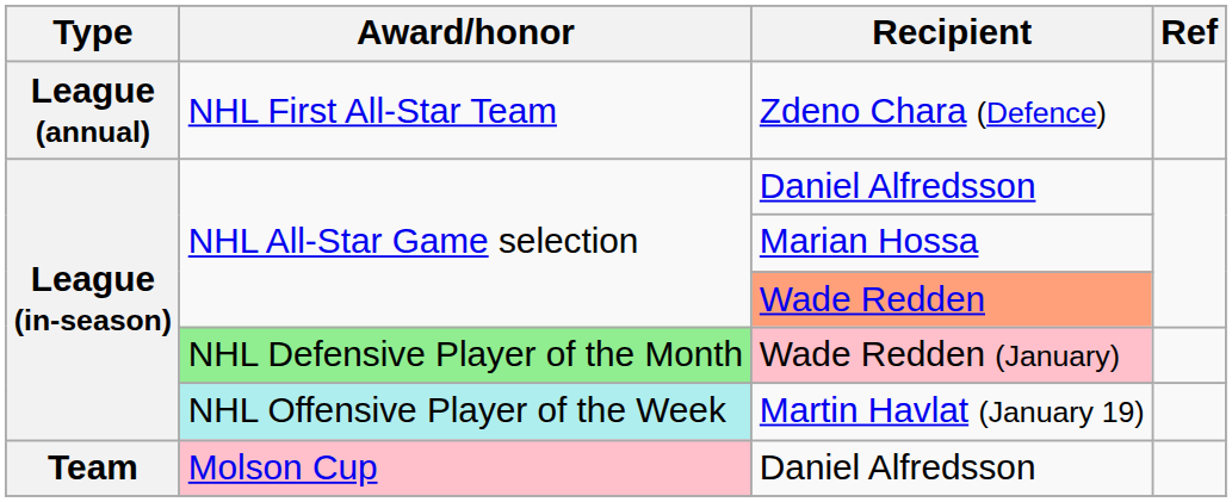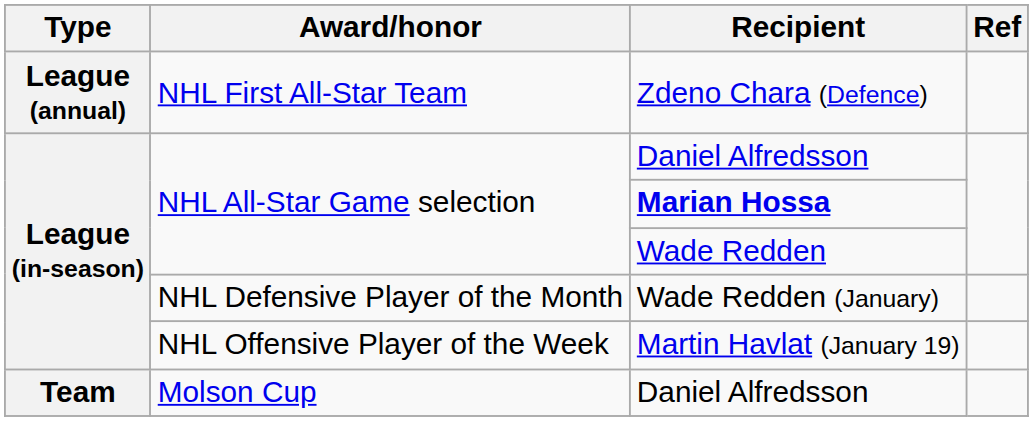 <table class="wikitable">
 <tr>
 <th scope="col">Type</th>
 <th scope="col">Award/honor</th>
 <th scope="col">Recipient</th>
 <th scope="col">Ref</th>
 </tr>
 <tr>
 <th scope="row">League<br><small>(annual)</small></th>
 <td><a href='#'>NHL First All-Star Team</a></td>
 <td><a href='#'>Zdeno Chara</a> <small>(<a href='#'>Defence</a>)</small></td>
 <td></td>
 </tr>
 <tr>
 <th scope="row" rowspan="5">League<br><small>(in-season)</small></th>
 <td rowspan="3"><a href='#'>NHL All-Star Game</a> selection</td>
 <td><a href='#'>Daniel Alfredsson</a></td>
 <td rowspan="3"></td>
 </tr>
 <tr>
-<td><a href='#'>Marian Hossa</a></td>
+<td><strong><a href='#'>Marian Hossa</a></strong></td>
 </tr>
 <tr>
-<td style="background: lightsalmon;"><a href='#'>Wade Redden</a></td>
+<td><a href='#'>Wade Redden</a></td>
 </tr>
 <tr>
-<td style="background: lightgreen;">NHL Defensive Player of the Month</td>
-<td style="background: pink;">Wade Redden <small>(January)</small></td>
+<td>NHL Defensive Player of the Month</td>
+<td>Wade Redden <small>(January)</small></td>
 <td></td>
 </tr>
 <tr>
-<td style="background: paleturquoise;">NHL Offensive Player of the Week</td>
+<td>NHL Offensive Player of the Week</td>
 <td><a href='#'>Martin Havlat</a> <small>(January 19)</small></td>
 <td></td>
 </tr>
 <tr>
 <th scope="row" rowspan="5">Team</th>
-<td style="background: pink;"><a href='#'>Molson Cup</a></td>
+<td><a href='#'>Molson Cup</a></td>
 <td>Daniel Alfredsson</td>
 <td></td>
 </tr>
 </table>
